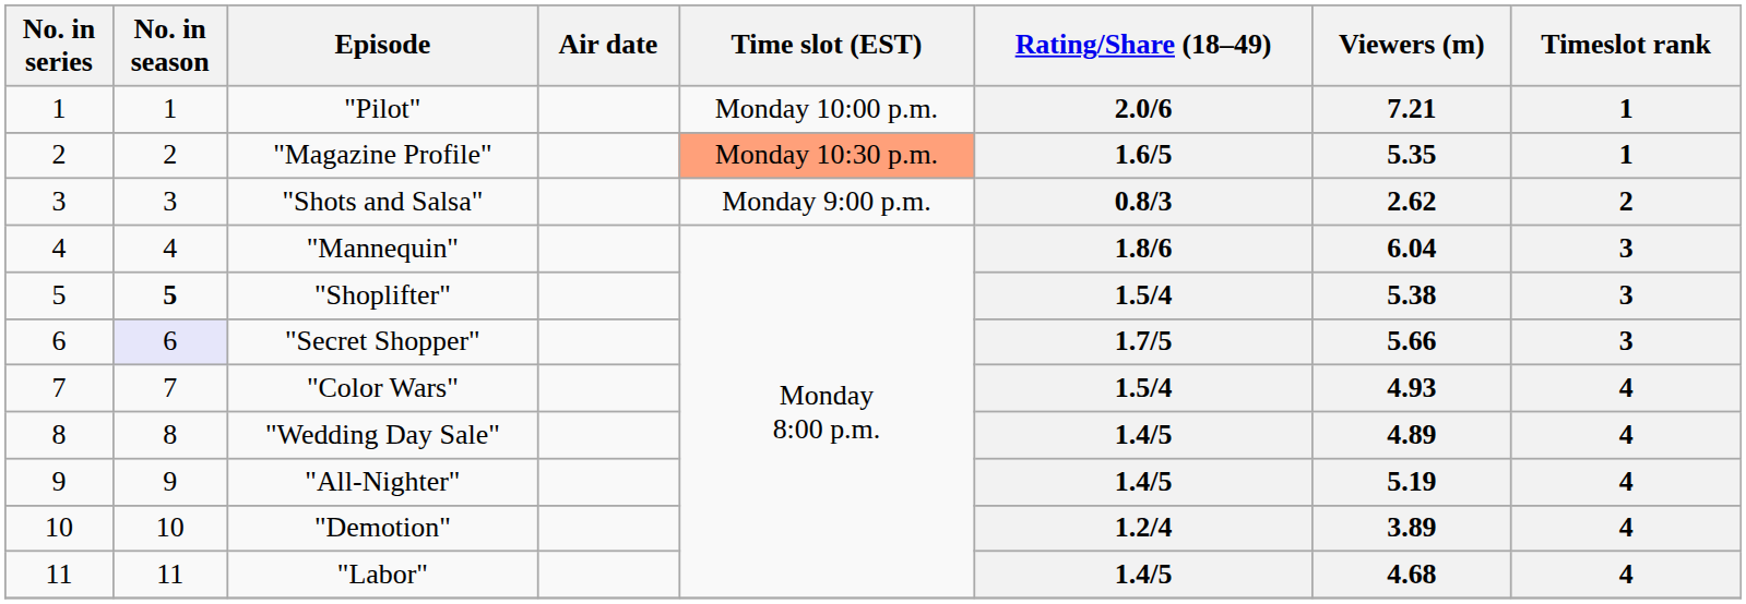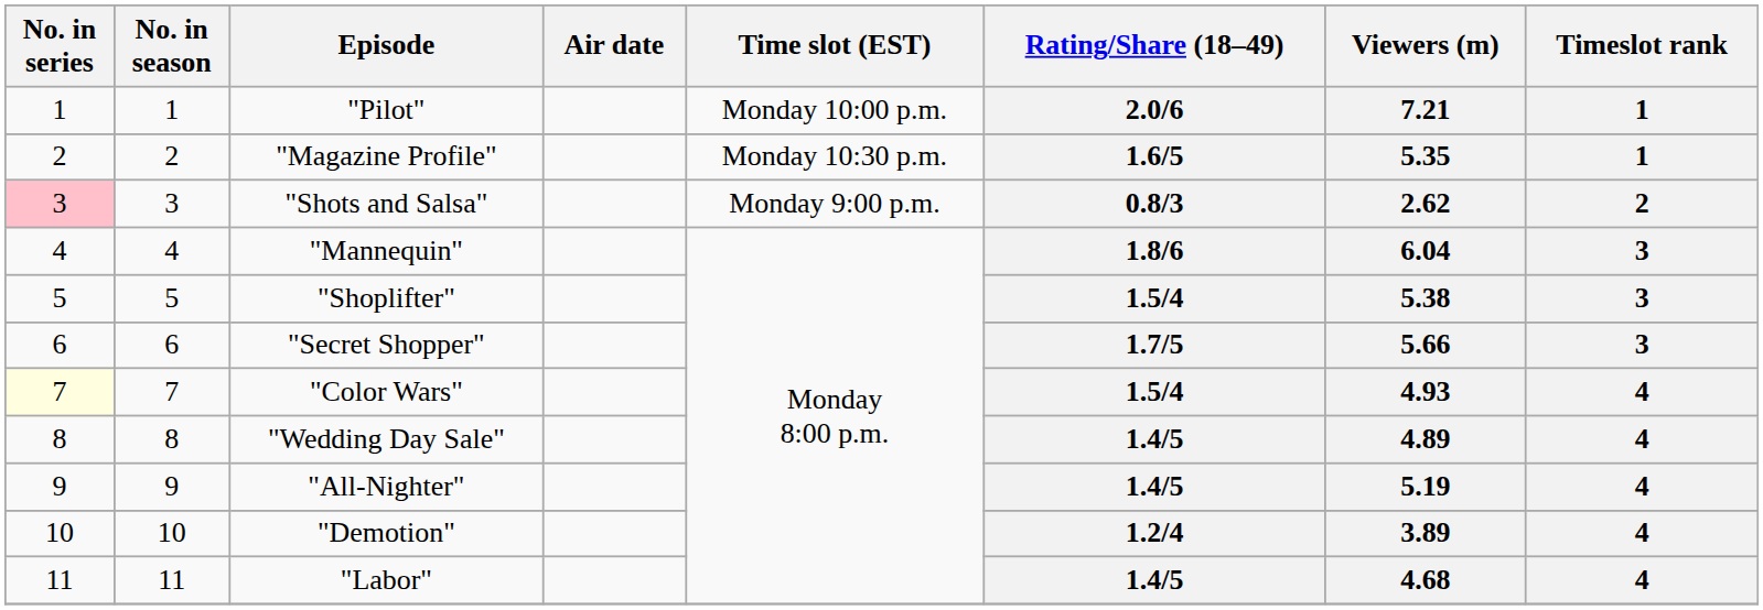 <table class="wikitable" style="font-size:90%; text-align:center; width: 100%; margin-left: auto; margin-right: auto;">
 <tr>
 <th>No. in<br>series</th>
 <th>No. in<br>season</th>
 <th>Episode</th>
 <th>Air date</th>
 <th>Time slot (EST)</th>
 <th><a href='#'>Rating/Share</a> (18–49)</th>
 <th>Viewers (m)</th>
 <th>Timeslot rank</th>
 </tr>
 <tr>
 <td style="text-align:center">1</td>
 <td style="text-align:center">1</td>
 <td>"Pilot"</td>
 <td></td>
 <td>Monday 10:00 p.m.</td>
 <th>2.0/6</th>
 <th>7.21</th>
 <th>1</th>
 </tr>
 <tr>
 <td style="text-align:center">2</td>
 <td style="text-align:center">2</td>
 <td>"Magazine Profile"</td>
 <td></td>
-<td style="background: lightsalmon;">Monday 10:30 p.m.</td>
+<td>Monday 10:30 p.m.</td>
 <th>1.6/5</th>
 <th>5.35</th>
 <th>1</th>
 </tr>
 <tr>
-<td style="text-align:center">3</td>
+<td style="background: pink; text-align:center">3</td>
 <td style="text-align:center">3</td>
 <td>"Shots and Salsa"</td>
 <td></td>
 <td>Monday 9:00 p.m.</td>
 <th>0.8/3</th>
 <th>2.62</th>
 <th>2</th>
 </tr>
 <tr>
 <td style="text-align:center">4</td>
 <td style="text-align:center">4</td>
 <td>"Mannequin"</td>
 <td></td>
 <td style="text-align:center" rowspan=8>Monday<br>8:00 p.m.</td>
 <th>1.8/6</th>
 <th>6.04</th>
 <th>3</th>
 </tr>
 <tr>
 <td style="text-align:center">5</td>
-<td style="text-align:center"><strong>5</strong></td>
+<td style="text-align:center">5</td>
 <td>"Shoplifter"</td>
 <td></td>
 <th>1.5/4</th>
 <th>5.38</th>
 <th>3</th>
 </tr>
 <tr>
 <td style="text-align:center">6</td>
-<td style="background: lavender; text-align:center">6</td>
+<td style="text-align:center">6</td>
 <td>"Secret Shopper"</td>
 <td></td>
 <th>1.7/5</th>
 <th>5.66</th>
 <th>3</th>
 </tr>
 <tr>
-<td style="text-align:center">7</td>
+<td style="background: lightyellow; text-align:center">7</td>
 <td style="text-align:center">7</td>
 <td>"Color Wars"</td>
 <td></td>
 <th>1.5/4</th>
 <th>4.93</th>
 <th>4</th>
 </tr>
 <tr>
 <td style="text-align:center">8</td>
 <td style="text-align:center">8</td>
 <td>"Wedding Day Sale"</td>
 <td></td>
 <th>1.4/5</th>
 <th>4.89</th>
 <th>4</th>
 </tr>
 <tr>
 <td style="text-align:center">9</td>
 <td style="text-align:center">9</td>
 <td>"All-Nighter"</td>
 <td></td>
 <th>1.4/5</th>
 <th>5.19</th>
 <th>4</th>
 </tr>
 <tr>
 <td style="text-align:center">10</td>
 <td style="text-align:center">10</td>
 <td>"Demotion"</td>
 <td></td>
 <th>1.2/4</th>
 <th>3.89</th>
 <th>4</th>
 </tr>
 <tr>
 <td style="text-align:center">11</td>
 <td style="text-align:center">11</td>
 <td>"Labor"</td>
 <td></td>
 <th>1.4/5</th>
 <th>4.68</th>
 <th>4</th>
 </tr>
 <tr>
 </tr>
 </table>
